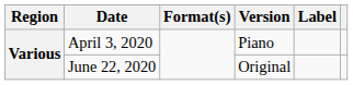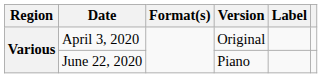 <table class="wikitable plainrowheaders">
 <tr>
 <th>Region</th>
 <th>Date</th>
 <th>Format(s)</th>
 <th>Version</th>
 <th>Label</th>
 <th></th>
 </tr>
 <tr>
 <th scope="row" rowspan="2">Various</th>
 <td>April 3, 2020</td>
 <td rowspan="2"></td>
-<td>Piano</td>
+<td>Original</td>
 <td></td>
 <td style="text-align:center;"></td>
 </tr>
 <tr>
 <td>June 22, 2020</td>
-<td>Original</td>
+<td>Piano</td>
 <td></td>
 <td style="text-align:center;"></td>
 </tr>
 </table>
